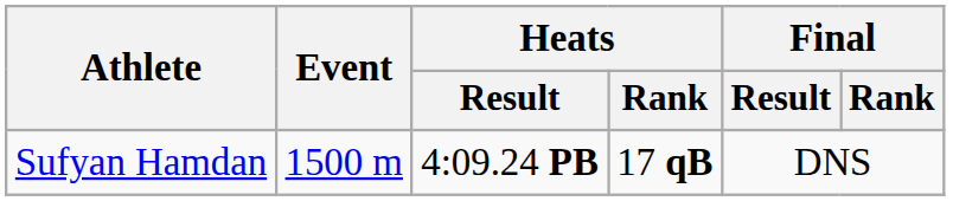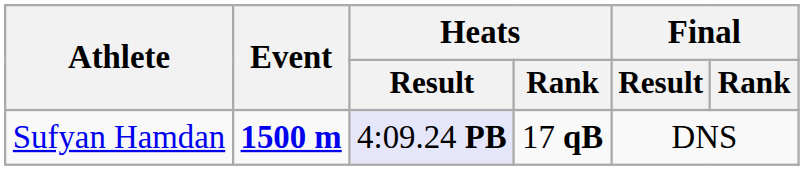 <table class="wikitable" style="font-size:90%">
 <tr>
 <th rowspan=2>Athlete</th>
 <th rowspan=2>Event</th>
 <th colspan=2>Heats</th>
 <th colspan=2>Final</th>
 </tr>
 <tr style="font-size:95%">
 <th>Result</th>
 <th>Rank</th>
 <th>Result</th>
 <th>Rank</th>
 </tr>
 <tr align=center>
 <td align=left><a href='#'>Sufyan Hamdan</a></td>
-<td align=left><a href='#'>1500 m</a></td>
-<td>4:09.24 <strong>PB</strong></td>
+<td align=left><strong><a href='#'>1500 m</a></strong></td>
+<td style="background: lavender;">4:09.24 <strong>PB</strong></td>
 <td>17 <strong>qB</strong></td>
 <td colspan=2>DNS</td>
 </tr>
 </table>
